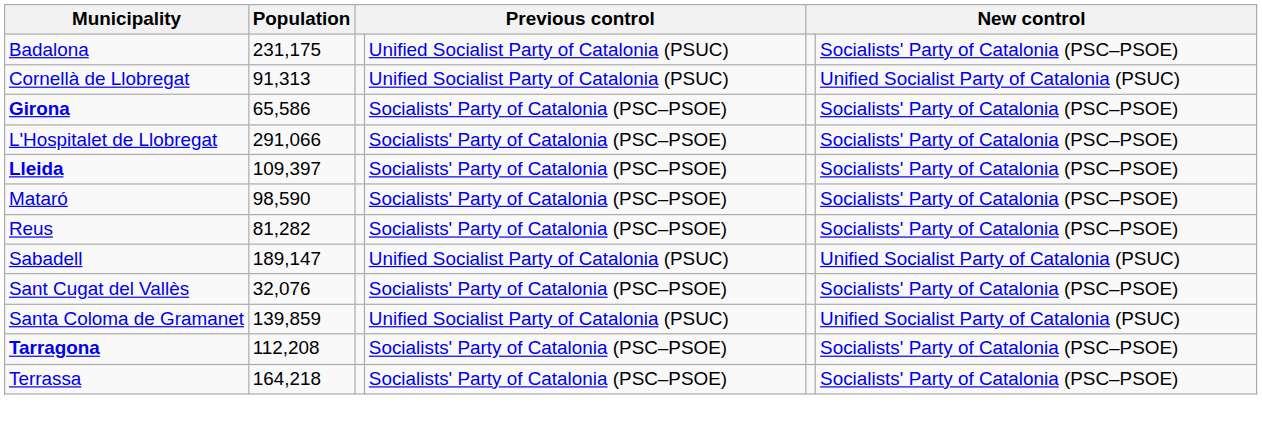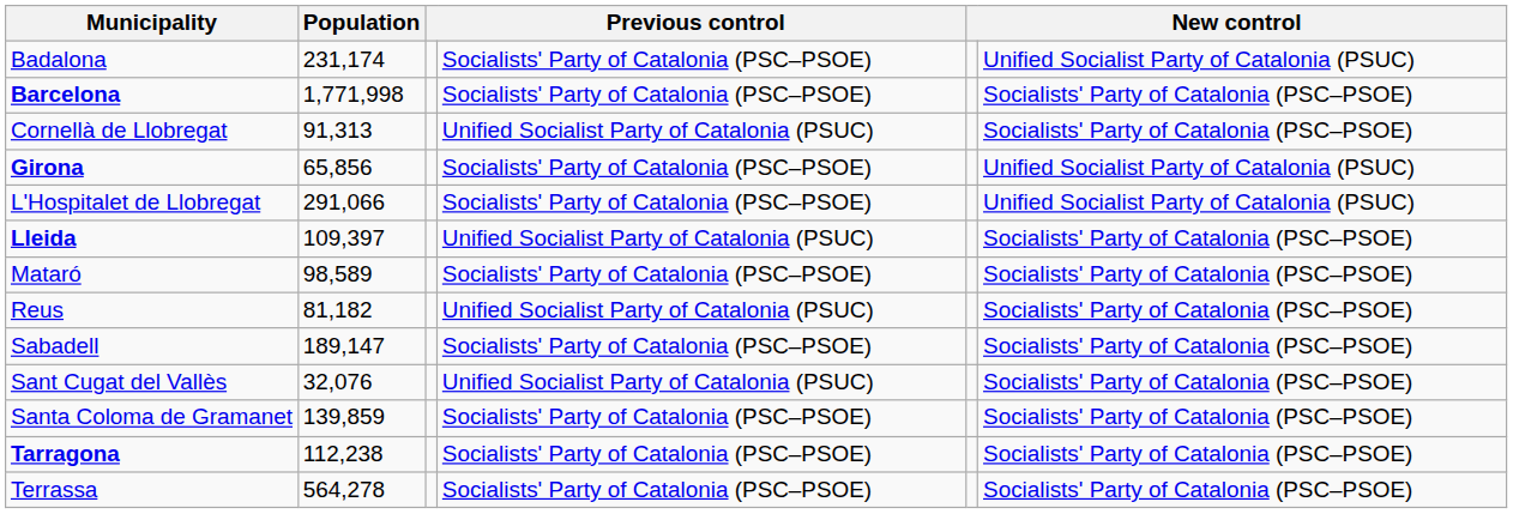 <table class="wikitable sortable">
 <tr>
 <th>Municipality</th>
 <th>Population</th>
 <th colspan="2" style="width:375px;">Previous control</th>
 <th colspan="2" style="width:375px;">New control</th>
 </tr>
 <tr>
 <td><a href='#'>Badalona</a></td>
-<td>231,175</td>
+<td>231,174</td>
+<td width="1" style="color:inherit;background:"></td>
+<td><a href='#'>Socialists' Party of Catalonia</a> (PSC–PSOE)</td>
 <td width="1" style="color:inherit;background:"></td>
 <td><a href='#'>Unified Socialist Party of Catalonia</a> (PSUC)</td>
-<td width="1" style="color:inherit;background:"></td>
+</tr>
+<tr>
+<td><strong><a href='#'>Barcelona</a></strong></td>
+<td>1,771,998</td>
+<td style="color:inherit;background:"></td>
+<td><a href='#'>Socialists' Party of Catalonia</a> (PSC–PSOE)</td>
+<td style="color:inherit;background:"></td>
 <td><a href='#'>Socialists' Party of Catalonia</a> (PSC–PSOE)</td>
 </tr>
 <tr>
 <td><a href='#'>Cornellà de Llobregat</a></td>
 <td>91,313</td>
 <td style="color:inherit;background:"></td>
 <td><a href='#'>Unified Socialist Party of Catalonia</a> (PSUC)</td>
 <td style="color:inherit;background:"></td>
-<td><a href='#'>Unified Socialist Party of Catalonia</a> (PSUC) </td>
+<td><a href='#'>Socialists' Party of Catalonia</a> (PSC–PSOE)</td>
 </tr>
 <tr>
 <td><strong><a href='#'>Girona</a></strong></td>
-<td>65,586</td>
+<td>65,856</td>
 <td style="color:inherit;background:"></td>
 <td><a href='#'>Socialists' Party of Catalonia</a> (PSC–PSOE)</td>
 <td style="color:inherit;background:"></td>
-<td><a href='#'>Socialists' Party of Catalonia</a> (PSC–PSOE)</td>
+<td><a href='#'>Unified Socialist Party of Catalonia</a> (PSUC)</td>
 </tr>
 <tr>
 <td><a href='#'>L'Hospitalet de Llobregat</a></td>
 <td>291,066</td>
 <td style="color:inherit;background:"></td>
 <td><a href='#'>Socialists' Party of Catalonia</a> (PSC–PSOE)</td>
 <td style="color:inherit;background:"></td>
-<td><a href='#'>Socialists' Party of Catalonia</a> (PSC–PSOE)</td>
+<td><a href='#'>Unified Socialist Party of Catalonia</a> (PSUC) </td>
 </tr>
 <tr>
 <td><strong><a href='#'>Lleida</a></strong></td>
 <td>109,397</td>
 <td style="color:inherit;background:"></td>
-<td><a href='#'>Socialists' Party of Catalonia</a> (PSC–PSOE)</td>
+<td><a href='#'>Unified Socialist Party of Catalonia</a> (PSUC)</td>
 <td style="color:inherit;background:"></td>
 <td><a href='#'>Socialists' Party of Catalonia</a> (PSC–PSOE)</td>
 </tr>
 <tr>
 <td><a href='#'>Mataró</a></td>
-<td>98,590</td>
+<td>98,589</td>
 <td style="color:inherit;background:"></td>
 <td><a href='#'>Socialists' Party of Catalonia</a> (PSC–PSOE)</td>
 <td style="color:inherit;background:"></td>
 <td><a href='#'>Socialists' Party of Catalonia</a> (PSC–PSOE)</td>
 </tr>
 <tr>
 <td><a href='#'>Reus</a></td>
-<td>81,282</td>
+<td>81,182</td>
 <td style="color:inherit;background:"></td>
-<td><a href='#'>Socialists' Party of Catalonia</a> (PSC–PSOE)</td>
+<td><a href='#'>Unified Socialist Party of Catalonia</a> (PSUC)</td>
 <td style="color:inherit;background:"></td>
 <td><a href='#'>Socialists' Party of Catalonia</a> (PSC–PSOE)</td>
 </tr>
 <tr>
 <td><a href='#'>Sabadell</a></td>
 <td>189,147</td>
 <td style="color:inherit;background:"></td>
-<td><a href='#'>Unified Socialist Party of Catalonia</a> (PSUC)</td>
+<td><a href='#'>Socialists' Party of Catalonia</a> (PSC–PSOE)</td>
 <td style="color:inherit;background:"></td>
-<td><a href='#'>Unified Socialist Party of Catalonia</a> (PSUC)</td>
+<td><a href='#'>Socialists' Party of Catalonia</a> (PSC–PSOE)</td>
 </tr>
 <tr>
 <td><a href='#'>Sant Cugat del Vallès</a></td>
 <td>32,076</td>
 <td style="color:inherit;background:"></td>
-<td><a href='#'>Socialists' Party of Catalonia</a> (PSC–PSOE)</td>
+<td><a href='#'>Unified Socialist Party of Catalonia</a> (PSUC)</td>
 <td style="color:inherit;background:"></td>
 <td><a href='#'>Socialists' Party of Catalonia</a> (PSC–PSOE)</td>
 </tr>
 <tr>
 <td><a href='#'>Santa Coloma de Gramanet</a></td>
 <td>139,859</td>
 <td style="color:inherit;background:"></td>
-<td><a href='#'>Unified Socialist Party of Catalonia</a> (PSUC)</td>
+<td><a href='#'>Socialists' Party of Catalonia</a> (PSC–PSOE)</td>
 <td style="color:inherit;background:"></td>
-<td><a href='#'>Unified Socialist Party of Catalonia</a> (PSUC)</td>
+<td><a href='#'>Socialists' Party of Catalonia</a> (PSC–PSOE)</td>
 </tr>
 <tr>
 <td><strong><a href='#'>Tarragona</a></strong></td>
-<td>112,208</td>
+<td>112,238</td>
 <td style="color:inherit;background:"></td>
 <td><a href='#'>Socialists' Party of Catalonia</a> (PSC–PSOE)</td>
 <td style="color:inherit;background:"></td>
 <td><a href='#'>Socialists' Party of Catalonia</a> (PSC–PSOE)</td>
 </tr>
 <tr>
 <td><a href='#'>Terrassa</a></td>
-<td>164,218</td>
+<td>564,278</td>
 <td style="color:inherit;background:"></td>
 <td><a href='#'>Socialists' Party of Catalonia</a> (PSC–PSOE)</td>
 <td style="color:inherit;background:"></td>
 <td><a href='#'>Socialists' Party of Catalonia</a> (PSC–PSOE)</td>
 </tr>
 </table>
